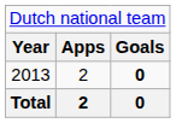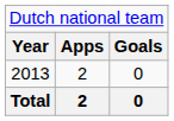 <table class="wikitable" style="text-align:center">
 <tr>
 <td colspan="3"><a href='#'>Dutch national team</a></td>
 </tr>
 <tr>
 <th>Year</th>
 <th>Apps</th>
 <th>Goals</th>
 </tr>
 <tr>
 <td>2013</td>
 <td>2</td>
-<td><strong>0</strong></td>
+<td>0</td>
 </tr>
 <tr>
 <th>Total</th>
 <th>2</th>
 <th>0</th>
 </tr>
 </table>
